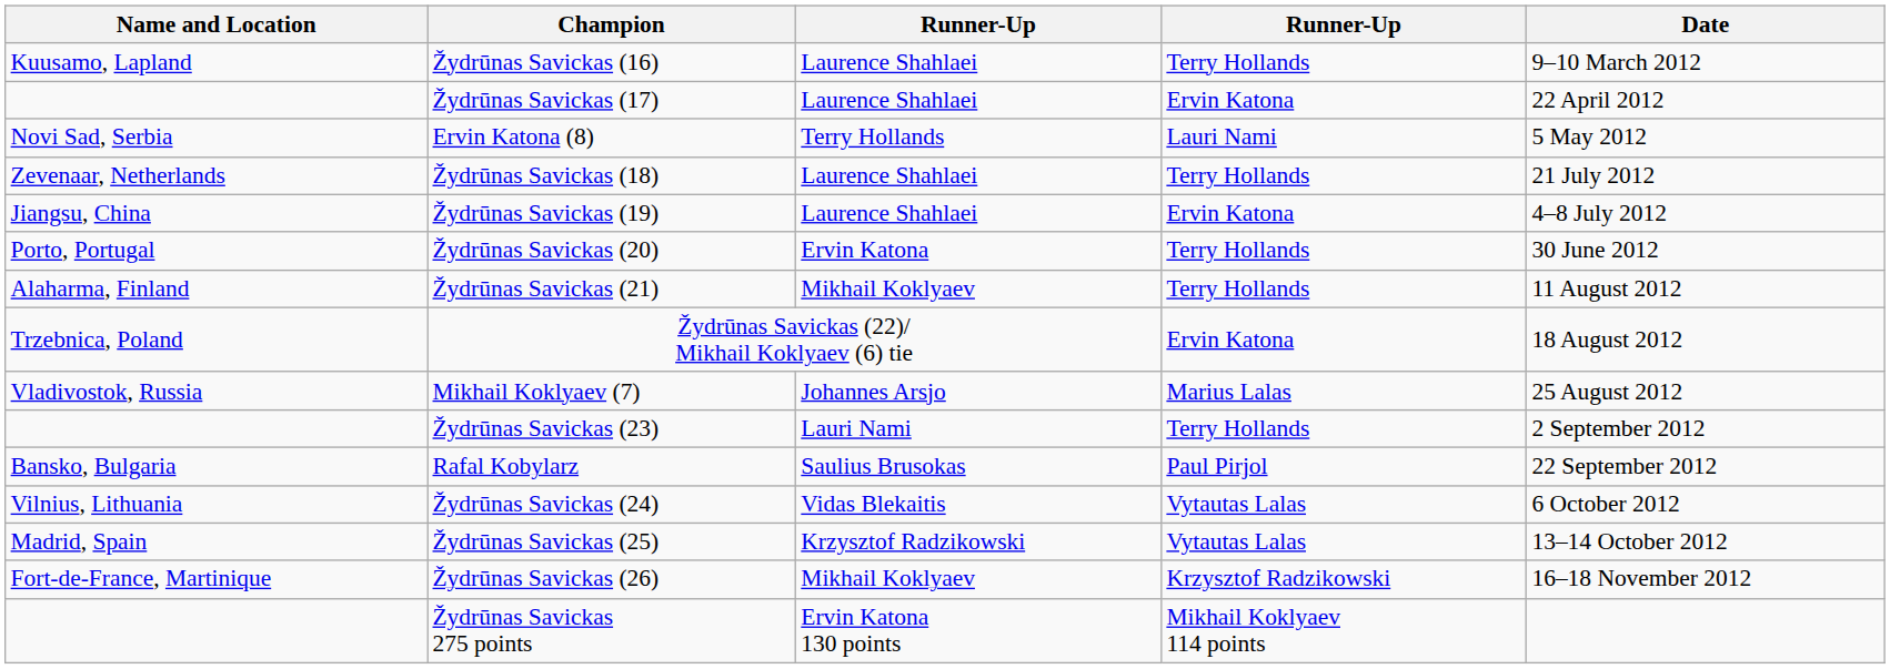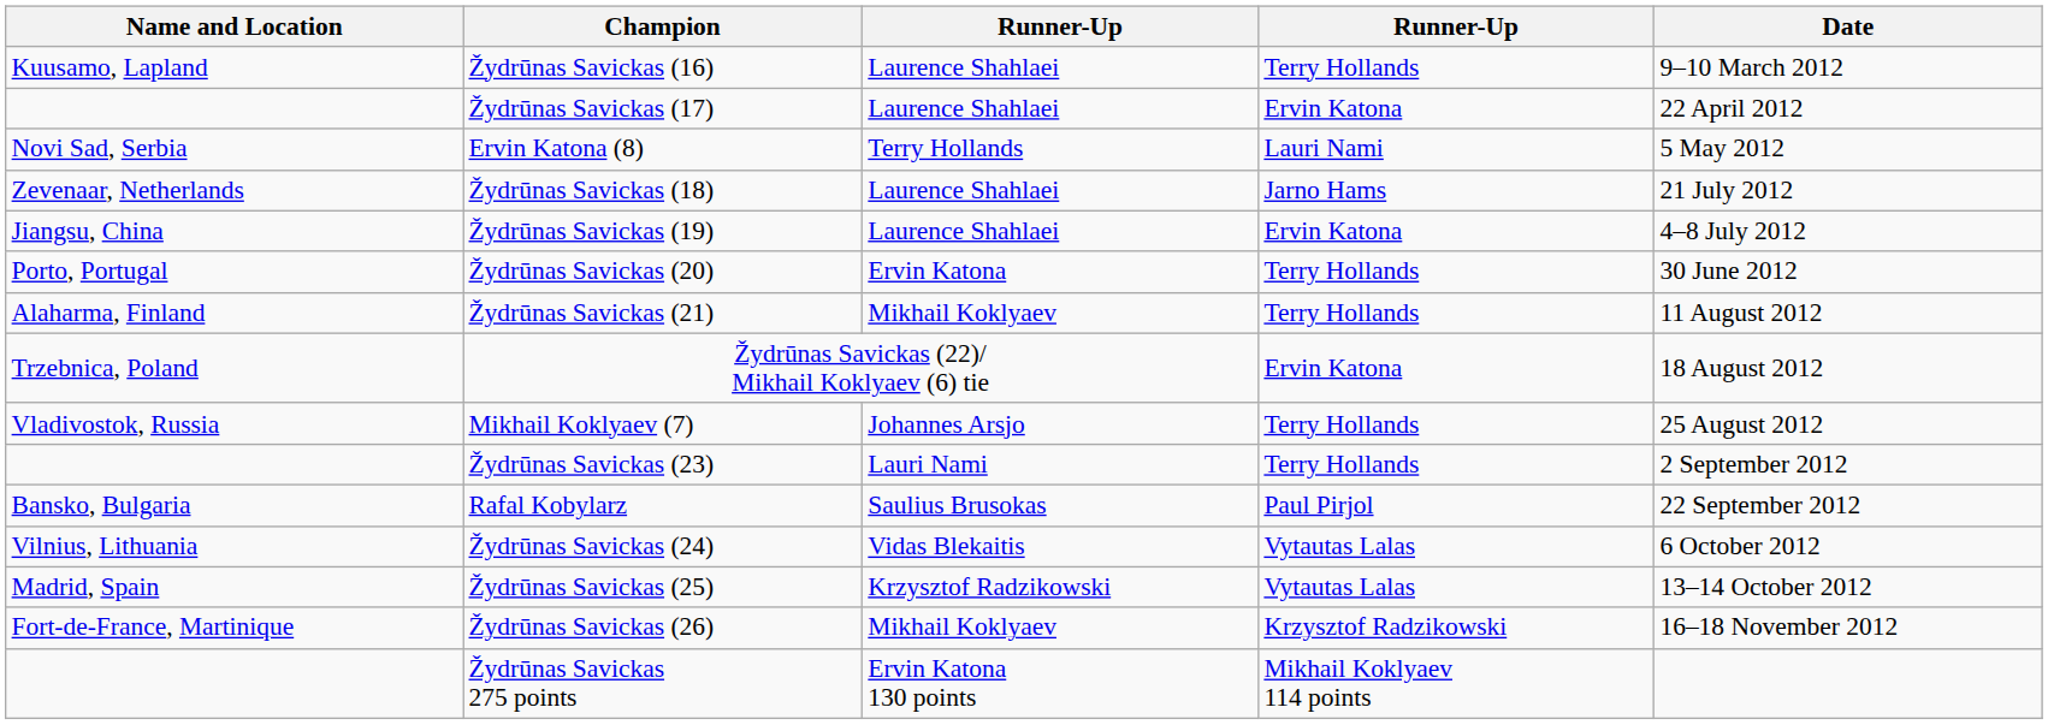 <table class="wikitable" style="display: inline-table;width: 100%;">
 <tr>
 <th scope="col">Name and Location</th>
 <th scope="col">Champion</th>
 <th scope="col">Runner-Up</th>
 <th scope="col">Runner-Up</th>
 <th scope="col">Date</th>
 </tr>
 <tr>
 <td> <a href='#'>Kuusamo</a>, <a href='#'>Lapland</a><br> </td>
 <td> <a href='#'>Žydrūnas Savickas</a> (16)</td>
 <td> <a href='#'>Laurence Shahlaei</a></td>
 <td> <a href='#'>Terry Hollands</a></td>
 <td>9–10 March 2012</td>
 </tr>
 <tr>
 <td><br> </td>
 <td> <a href='#'>Žydrūnas Savickas</a> (17)</td>
 <td> <a href='#'>Laurence Shahlaei</a></td>
 <td> <a href='#'>Ervin Katona</a></td>
 <td>22 April 2012</td>
 </tr>
 <tr>
 <td> <a href='#'>Novi Sad</a>, <a href='#'>Serbia</a><br> </td>
 <td> <a href='#'>Ervin Katona</a> (8)</td>
 <td> <a href='#'>Terry Hollands</a></td>
 <td> <a href='#'>Lauri Nami</a></td>
 <td>5 May 2012</td>
 </tr>
 <tr>
 <td> <a href='#'>Zevenaar</a>, <a href='#'>Netherlands</a><br> </td>
 <td> <a href='#'>Žydrūnas Savickas</a> (18)</td>
 <td> <a href='#'>Laurence Shahlaei</a></td>
-<td> <a href='#'>Terry Hollands</a></td>
+<td> <a href='#'>Jarno Hams</a></td>
 <td>21 July 2012</td>
 </tr>
 <tr>
 <td> <a href='#'>Jiangsu</a>, <a href='#'>China</a><br></td>
 <td> <a href='#'>Žydrūnas Savickas</a> (19)</td>
 <td> <a href='#'>Laurence Shahlaei</a></td>
 <td> <a href='#'>Ervin Katona</a></td>
 <td>4–8 July 2012</td>
 </tr>
 <tr>
 <td> <a href='#'>Porto</a>, <a href='#'>Portugal</a><br> </td>
 <td> <a href='#'>Žydrūnas Savickas</a> (20)</td>
 <td> <a href='#'>Ervin Katona</a></td>
 <td> <a href='#'>Terry Hollands</a></td>
 <td>30 June 2012</td>
 </tr>
 <tr>
 <td> <a href='#'>Alaharma</a>, <a href='#'>Finland</a><br> </td>
 <td> <a href='#'>Žydrūnas Savickas</a> (21)</td>
 <td> <a href='#'>Mikhail Koklyaev</a></td>
 <td> <a href='#'>Terry Hollands</a></td>
 <td>11 August 2012</td>
 </tr>
 <tr>
 <td> <a href='#'>Trzebnica</a>, <a href='#'>Poland</a><br> </td>
 <td colspan=2 align=center> <a href='#'>Žydrūnas Savickas</a> (22)/<br> <a href='#'>Mikhail Koklyaev</a> (6) tie</td>
 <td> <a href='#'>Ervin Katona</a></td>
 <td>18 August 2012</td>
 </tr>
 <tr>
 <td> <a href='#'>Vladivostok</a>, <a href='#'>Russia</a><br> </td>
 <td> <a href='#'>Mikhail Koklyaev</a> (7)</td>
 <td> <a href='#'>Johannes Arsjo</a></td>
-<td> <a href='#'>Marius Lalas</a></td>
+<td> <a href='#'>Terry Hollands</a></td>
 <td>25 August 2012</td>
 </tr>
 <tr>
 <td><br> </td>
 <td> <a href='#'>Žydrūnas Savickas</a> (23)</td>
 <td> <a href='#'>Lauri Nami</a></td>
 <td> <a href='#'>Terry Hollands</a></td>
 <td>2 September 2012</td>
 </tr>
 <tr>
 <td> <a href='#'>Bansko</a>, <a href='#'>Bulgaria</a><br> </td>
 <td> <a href='#'>Rafal Kobylarz</a></td>
 <td> <a href='#'>Saulius Brusokas</a></td>
 <td> <a href='#'>Paul Pirjol</a></td>
 <td>22 September 2012</td>
 </tr>
 <tr>
 <td> <a href='#'>Vilnius</a>, <a href='#'>Lithuania</a><br></td>
 <td> <a href='#'>Žydrūnas Savickas</a> (24)</td>
 <td> <a href='#'>Vidas Blekaitis</a></td>
 <td> <a href='#'>Vytautas Lalas</a></td>
 <td>6 October 2012</td>
 </tr>
 <tr>
 <td> <a href='#'>Madrid</a>, <a href='#'>Spain</a><br></td>
 <td> <a href='#'>Žydrūnas Savickas</a> (25)</td>
 <td> <a href='#'>Krzysztof Radzikowski</a></td>
 <td> <a href='#'>Vytautas Lalas</a></td>
 <td>13–14 October 2012</td>
 </tr>
 <tr>
 <td> <a href='#'>Fort-de-France</a>, <a href='#'>Martinique</a><br></td>
 <td> <a href='#'>Žydrūnas Savickas</a> (26)</td>
 <td> <a href='#'>Mikhail Koklyaev</a></td>
 <td> <a href='#'>Krzysztof Radzikowski</a></td>
 <td>16–18 November 2012</td>
 </tr>
 <tr>
 <td></td>
 <td> <a href='#'>Žydrūnas Savickas</a> <br>275 points</td>
 <td> <a href='#'>Ervin Katona</a> <br>130 points</td>
 <td> <a href='#'>Mikhail Koklyaev</a> <br>114 points</td>
 <td></td>
 </tr>
 </table>
